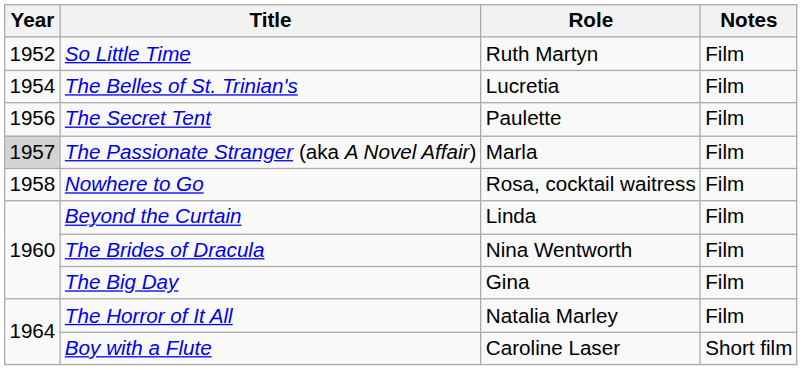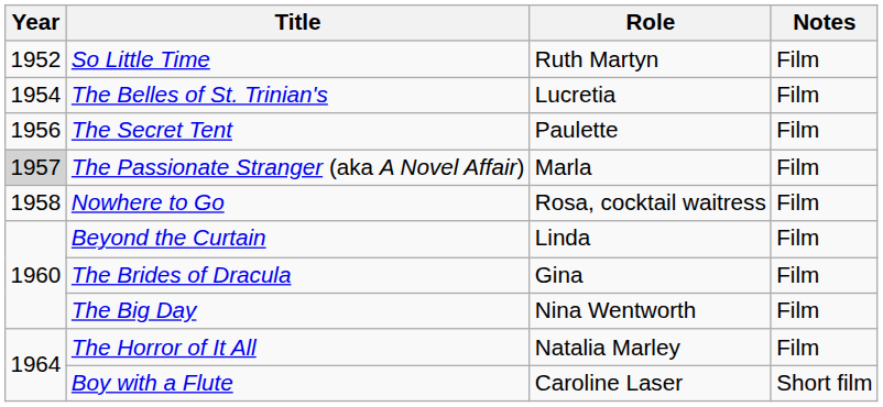 <table class="wikitable">
 <tr>
 <th>Year</th>
 <th>Title</th>
 <th>Role</th>
 <th>Notes</th>
 </tr>
 <tr>
 <td>1952</td>
 <td><em><a href='#'>So Little Time</a></em></td>
 <td>Ruth Martyn</td>
 <td>Film</td>
 </tr>
 <tr>
 <td>1954</td>
 <td><em><a href='#'>The Belles of St. Trinian's</a></em></td>
 <td>Lucretia</td>
 <td>Film</td>
 </tr>
 <tr>
 <td>1956</td>
 <td><em><a href='#'>The Secret Tent</a></em></td>
 <td>Paulette</td>
 <td>Film</td>
 </tr>
 <tr>
 <td style="background: lightgrey;">1957</td>
 <td><em><a href='#'>The Passionate Stranger</a></em> (aka <em>A Novel Affair</em>)</td>
 <td>Marla</td>
 <td>Film</td>
 </tr>
 <tr>
 <td>1958</td>
 <td><em><a href='#'>Nowhere to Go</a></em></td>
 <td>Rosa, cocktail waitress</td>
 <td>Film</td>
 </tr>
 <tr>
 <td rowspan="3">1960</td>
 <td><em><a href='#'>Beyond the Curtain</a></em></td>
 <td>Linda</td>
 <td>Film</td>
 </tr>
 <tr>
 <td><em><a href='#'>The Brides of Dracula</a></em></td>
-<td>Nina Wentworth</td>
+<td>Gina</td>
 <td>Film</td>
 </tr>
 <tr>
 <td><em><a href='#'>The Big Day</a></em></td>
-<td>Gina</td>
+<td>Nina Wentworth</td>
 <td>Film</td>
 </tr>
 <tr>
 <td rowspan="2">1964</td>
 <td><em><a href='#'>The Horror of It All</a></em></td>
 <td>Natalia Marley</td>
 <td>Film</td>
 </tr>
 <tr>
 <td><em><a href='#'>Boy with a Flute</a></em></td>
 <td>Caroline Laser</td>
 <td>Short film</td>
 </tr>
 </table>
